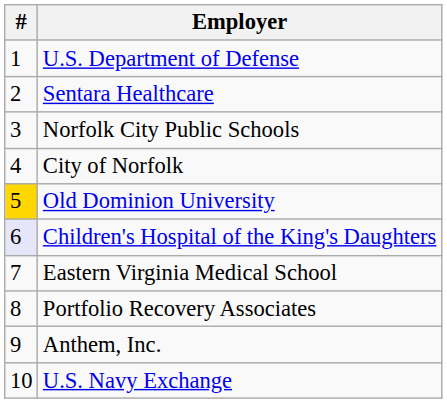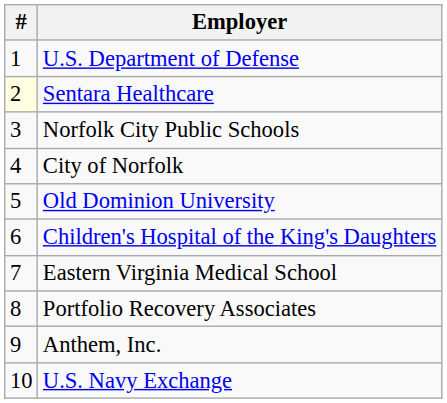 <table class="wikitable">
 <tr>
 <th>#</th>
 <th>Employer</th>
 </tr>
 <tr>
 <td>1</td>
 <td><a href='#'>U.S. Department of Defense</a></td>
 </tr>
 <tr>
-<td>2</td>
+<td style="background: lightyellow;">2</td>
 <td><a href='#'>Sentara Healthcare</a></td>
 </tr>
 <tr>
 <td>3</td>
 <td>Norfolk City Public Schools</td>
 </tr>
 <tr>
 <td>4</td>
 <td>City of Norfolk</td>
 </tr>
 <tr>
-<td style="background: gold;">5</td>
+<td>5</td>
 <td><a href='#'>Old Dominion University</a></td>
 </tr>
 <tr>
-<td style="background: lavender;">6</td>
+<td>6</td>
 <td><a href='#'>Children's Hospital of the King's Daughters</a></td>
 </tr>
 <tr>
 <td>7</td>
 <td>Eastern Virginia Medical School</td>
 </tr>
 <tr>
 <td>8</td>
 <td>Portfolio Recovery Associates</td>
 </tr>
 <tr>
 <td>9</td>
 <td>Anthem, Inc.</td>
 </tr>
 <tr>
 <td>10</td>
 <td><a href='#'>U.S. Navy Exchange</a></td>
 </tr>
 </table>
